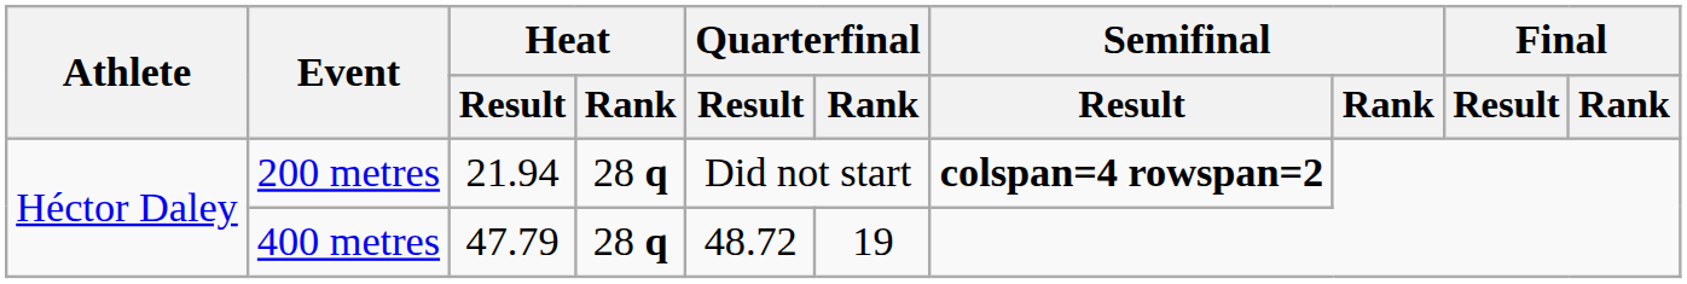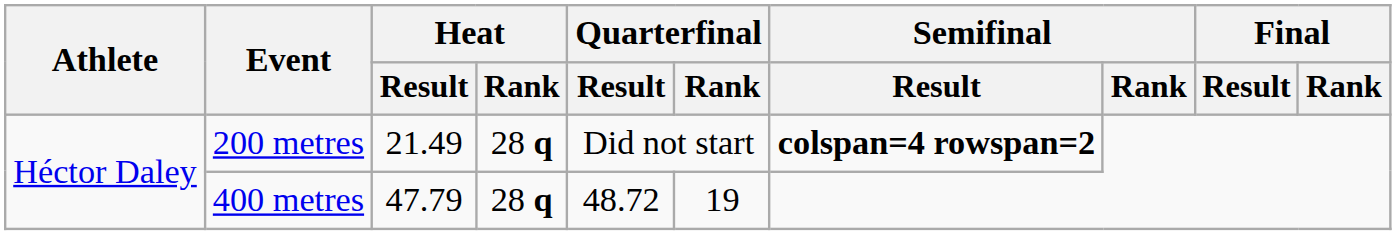 <table class=wikitable style=font-size:90%>
 <tr>
 <th rowspan=2>Athlete</th>
 <th rowspan=2>Event</th>
 <th colspan=2>Heat</th>
 <th colspan=2>Quarterfinal</th>
 <th colspan=2>Semifinal</th>
 <th colspan=2>Final</th>
 </tr>
 <tr style=font-size:95%>
 <th>Result</th>
 <th>Rank</th>
 <th>Result</th>
 <th>Rank</th>
 <th>Result</th>
 <th>Rank</th>
 <th>Result</th>
 <th>Rank</th>
 </tr>
 <tr align=center>
 <td align=left rowspan=2><a href='#'>Héctor Daley</a></td>
 <td align=left><a href='#'>200 metres</a></td>
-<td>21.94</td>
+<td>21.49</td>
 <td>28 <strong>q</strong></td>
 <td colspan="2">Did not start</td>
 <td><strong>colspan=4 rowspan=2 </strong></td>
 </tr>
 <tr align=center>
 <td align=left><a href='#'>400 metres</a></td>
 <td>47.79</td>
 <td>28 <strong>q</strong></td>
 <td>48.72</td>
 <td>19</td>
 </tr>
 </table>
